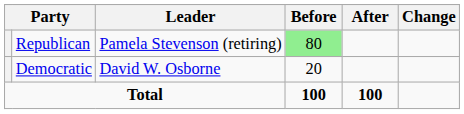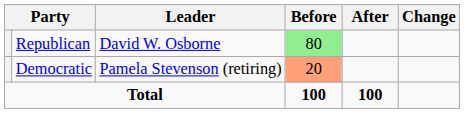 <table class="wikitable" style="text-align:center;">
 <tr>
 </tr>
 <tr>
 <th colspan="2">Party</th>
 <th>Leader</th>
 <th style="width:3em">Before</th>
 <th style="width:3em">After</th>
 <th style="width:3em">Change</th>
 </tr>
 <tr>
 <th style="background-color:"></th>
 <td style="text-align:left;"><a href='#'>Republican</a></td>
-<td style="text-align:left;"><a href='#'>Pamela Stevenson</a> (retiring)</td>
+<td style="text-align:left;"><a href='#'>David W. Osborne</a></td>
 <td style="background: lightgreen;">80</td>
 <td></td>
 <td></td>
 </tr>
 <tr>
 <th style="background-color:"></th>
 <td style="text-align:left;"><a href='#'>Democratic</a></td>
-<td style="text-align:left;"><a href='#'>David W. Osborne</a></td>
-<td>20</td>
+<td style="text-align:left;"><a href='#'>Pamela Stevenson</a> (retiring)</td>
+<td style="background: lightsalmon;">20</td>
 <td></td>
 <td></td>
 </tr>
 <tr>
 <td colspan="3"><strong>Total</strong></td>
 <td><strong>100</strong></td>
 <td><strong>100</strong></td>
 <td></td>
 </tr>
 </table>
